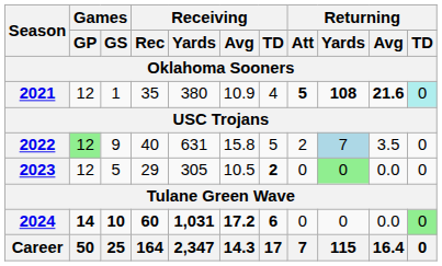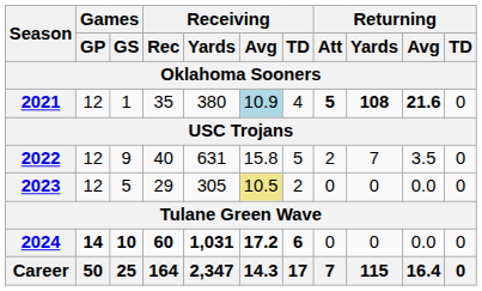 <table class="wikitable" style="text-align:center;">
 <tr>
 <th rowspan="2">Season</th>
 <th colspan="2">Games</th>
 <th colspan="4">Receiving</th>
 <th colspan="4">Returning</th>
 </tr>
 <tr>
 <th>GP</th>
 <th>GS</th>
 <th>Rec</th>
 <th>Yards</th>
 <th>Avg</th>
 <th>TD</th>
 <th>Att</th>
 <th>Yards</th>
 <th>Avg</th>
 <th>TD</th>
 </tr>
 <tr>
 <th colspan="12">Oklahoma Sooners</th>
 </tr>
 <tr>
 <th><a href='#'>2021</a></th>
 <td>12</td>
 <td>1</td>
 <td>35</td>
 <td>380</td>
-<td>10.9</td>
+<td style="background: lightblue;">10.9</td>
 <td>4</td>
 <td><strong>5</strong></td>
 <td><strong>108</strong></td>
 <td><strong>21.6</strong></td>
-<td style="background: paleturquoise;">0</td>
+<td>0</td>
 </tr>
 <tr>
 <th colspan="12">USC Trojans</th>
 </tr>
 <tr>
 <th><a href='#'>2022</a></th>
-<td style="background: lightgreen;">12</td>
+<td>12</td>
 <td>9</td>
 <td>40</td>
 <td>631</td>
 <td>15.8</td>
 <td>5</td>
 <td>2</td>
-<td style="background: lightblue;">7</td>
+<td>7</td>
 <td>3.5</td>
 <td>0</td>
 </tr>
 <tr>
 <th><a href='#'>2023</a></th>
 <td>12</td>
 <td>5</td>
 <td>29</td>
 <td>305</td>
-<td>10.5</td>
-<td><strong>2</strong></td>
+<td style="background: khaki;">10.5</td>
+<td>2</td>
 <td>0</td>
-<td style="background: lightgreen;">0</td>
+<td>0</td>
 <td>0.0</td>
 <td>0</td>
 </tr>
 <tr>
 <th colspan="12">Tulane Green Wave</th>
 </tr>
 <tr>
 <th><a href='#'>2024</a></th>
 <td><strong>14</strong></td>
 <td><strong>10</strong></td>
 <td><strong>60</strong></td>
 <td><strong>1,031</strong></td>
 <td><strong>17.2</strong></td>
 <td><strong>6</strong></td>
 <td>0</td>
 <td>0</td>
 <td>0.0</td>
-<td style="background: lightgreen;">0</td>
+<td>0</td>
 </tr>
 <tr>
 <th>Career</th>
 <th>50</th>
 <th>25</th>
 <th>164</th>
 <th>2,347</th>
 <th>14.3</th>
 <th>17</th>
 <th>7</th>
 <th>115</th>
 <th>16.4</th>
 <th>0</th>
 </tr>
 </table>
